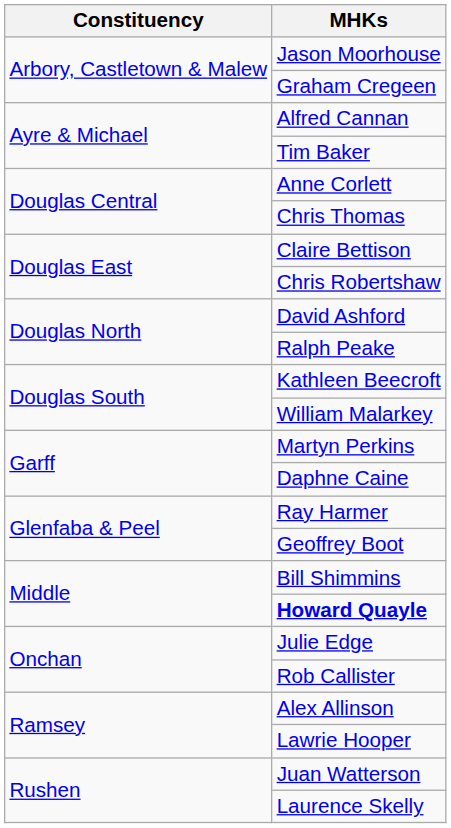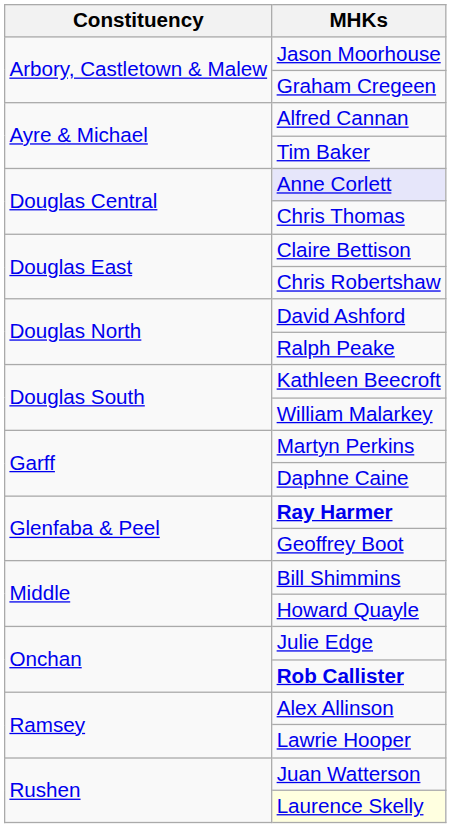 <table class="wikitable sortable">
 <tr>
 <th>Constituency</th>
 <th><abbr>MHKs</abbr></th>
 </tr>
 <tr>
 <td rowspan="2"><a href='#'>Arbory, Castletown & Malew</a></td>
 <td><a href='#'>Jason Moorhouse</a></td>
 </tr>
 <tr>
 <td><a href='#'>Graham Cregeen</a></td>
 </tr>
 <tr>
 <td rowspan="2"><a href='#'>Ayre & Michael</a></td>
 <td><a href='#'>Alfred Cannan</a></td>
 </tr>
 <tr>
 <td><a href='#'>Tim Baker</a></td>
 </tr>
 <tr>
 <td rowspan="2"><a href='#'>Douglas Central</a></td>
-<td><a href='#'>Anne Corlett</a></td>
+<td style="background: lavender;"><a href='#'>Anne Corlett</a></td>
 </tr>
 <tr>
 <td><a href='#'>Chris Thomas</a></td>
 </tr>
 <tr>
 <td rowspan="2"><a href='#'>Douglas East</a></td>
 <td><a href='#'>Claire Bettison</a></td>
 </tr>
 <tr>
 <td><a href='#'>Chris Robertshaw</a></td>
 </tr>
 <tr>
 <td rowspan="2"><a href='#'>Douglas North</a></td>
 <td><a href='#'>David Ashford</a></td>
 </tr>
 <tr>
 <td><a href='#'>Ralph Peake</a></td>
 </tr>
 <tr>
 <td rowspan="2"><a href='#'>Douglas South</a></td>
 <td><a href='#'>Kathleen Beecroft</a></td>
 </tr>
 <tr>
 <td><a href='#'>William Malarkey</a></td>
 </tr>
 <tr>
 <td rowspan="2"><a href='#'>Garff</a></td>
 <td><a href='#'>Martyn Perkins</a></td>
 </tr>
 <tr>
 <td><a href='#'>Daphne Caine</a></td>
 </tr>
 <tr>
 <td rowspan="2"><a href='#'>Glenfaba & Peel</a></td>
-<td><a href='#'>Ray Harmer</a></td>
+<td><strong><a href='#'>Ray Harmer</a></strong></td>
 </tr>
 <tr>
 <td><a href='#'>Geoffrey Boot</a></td>
 </tr>
 <tr>
 <td rowspan="2"><a href='#'>Middle</a></td>
 <td><a href='#'>Bill Shimmins</a></td>
 </tr>
 <tr>
-<td><strong><a href='#'>Howard Quayle</a></strong></td>
+<td><a href='#'>Howard Quayle</a></td>
 </tr>
 <tr>
 <td rowspan="2"><a href='#'>Onchan</a></td>
 <td><a href='#'>Julie Edge</a></td>
 </tr>
 <tr>
-<td><a href='#'>Rob Callister</a></td>
+<td><strong><a href='#'>Rob Callister</a></strong></td>
 </tr>
 <tr>
 <td rowspan="2"><a href='#'>Ramsey</a></td>
 <td><a href='#'>Alex Allinson</a></td>
 </tr>
 <tr>
 <td><a href='#'>Lawrie Hooper</a></td>
 </tr>
 <tr>
 <td rowspan="2"><a href='#'>Rushen</a></td>
 <td><a href='#'>Juan Watterson</a></td>
 </tr>
 <tr>
-<td><a href='#'>Laurence Skelly</a></td>
+<td style="background: lightyellow;"><a href='#'>Laurence Skelly</a></td>
 </tr>
 </table>
